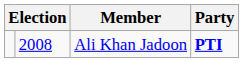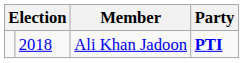 <table class="wikitable">
 <tr>
 <th colspan="2">Election</th>
 <th>Member</th>
 <th>Party</th>
 </tr>
 <tr>
 <td style="background-color: "></td>
-<td><a href='#'>2008</a></td>
+<td><a href='#'>2018</a></td>
 <td><a href='#'>Ali Khan Jadoon</a></td>
 <td><strong><a href='#'>PTI</a></strong></td>
 </tr>
 </table>
